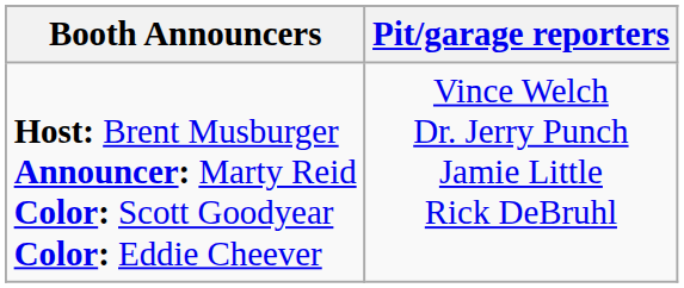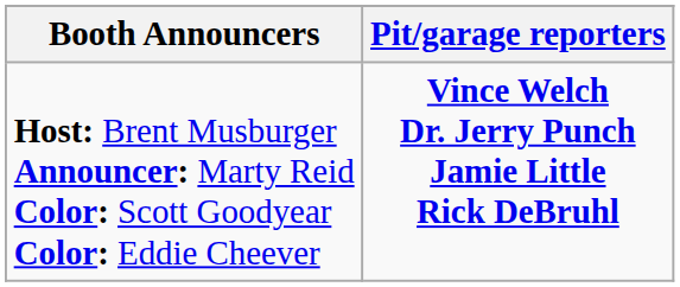 <table class="wikitable" style="font-size: 95%;">
 <tr>
 </tr>
 <tr>
 <th>Booth Announcers</th>
 <th><a href='#'>Pit/garage reporters</a></th>
 </tr>
 <tr>
 <td valign="top"><br><strong>Host:</strong> <a href='#'>Brent Musburger</a><br> <strong><a href='#'>Announcer</a>:</strong> <a href='#'>Marty Reid</a><br> <strong><a href='#'>Color</a>:</strong> <a href='#'>Scott Goodyear</a><br> <strong><a href='#'>Color</a>:</strong> <a href='#'>Eddie Cheever</a><br></td>
-<td align="center" valign="top"><a href='#'>Vince Welch</a><br><a href='#'>Dr. Jerry Punch</a><br><a href='#'>Jamie Little</a><br><a href='#'>Rick DeBruhl</a></td>
+<td align="center" valign="top"><strong><a href='#'>Vince Welch</a><br><a href='#'>Dr. Jerry Punch</a><br><a href='#'>Jamie Little</a><br><a href='#'>Rick DeBruhl</a></strong></td>
 </tr>
 </table>
